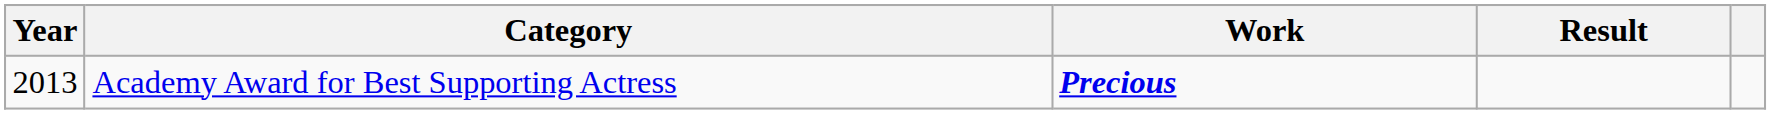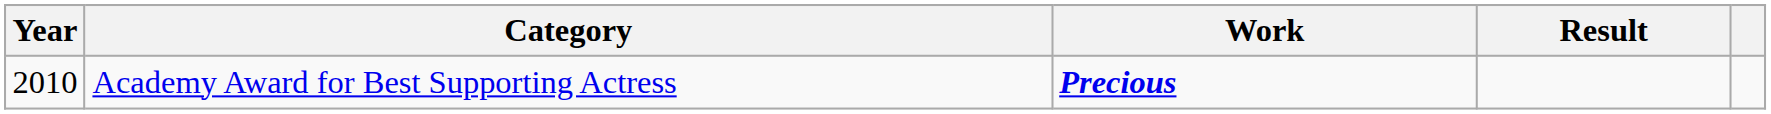 <table class="wikitable">
 <tr>
 <th scope="col" style="width:1em;">Year</th>
 <th scope="col" style="width:44em;">Category</th>
 <th scope="col" style="width:18em;">Work</th>
 <th scope="col" style="width:10em;">Result</th>
 <th class="unsortable" style="width:1em;"></th>
 </tr>
 <tr>
-<td>2013</td>
+<td>2010</td>
 <td><a href='#'>Academy Award for Best Supporting Actress</a></td>
 <td><strong><em><a href='#'>Precious</a></em></strong></td>
 <td></td>
 <td></td>
 </tr>
 </table>
